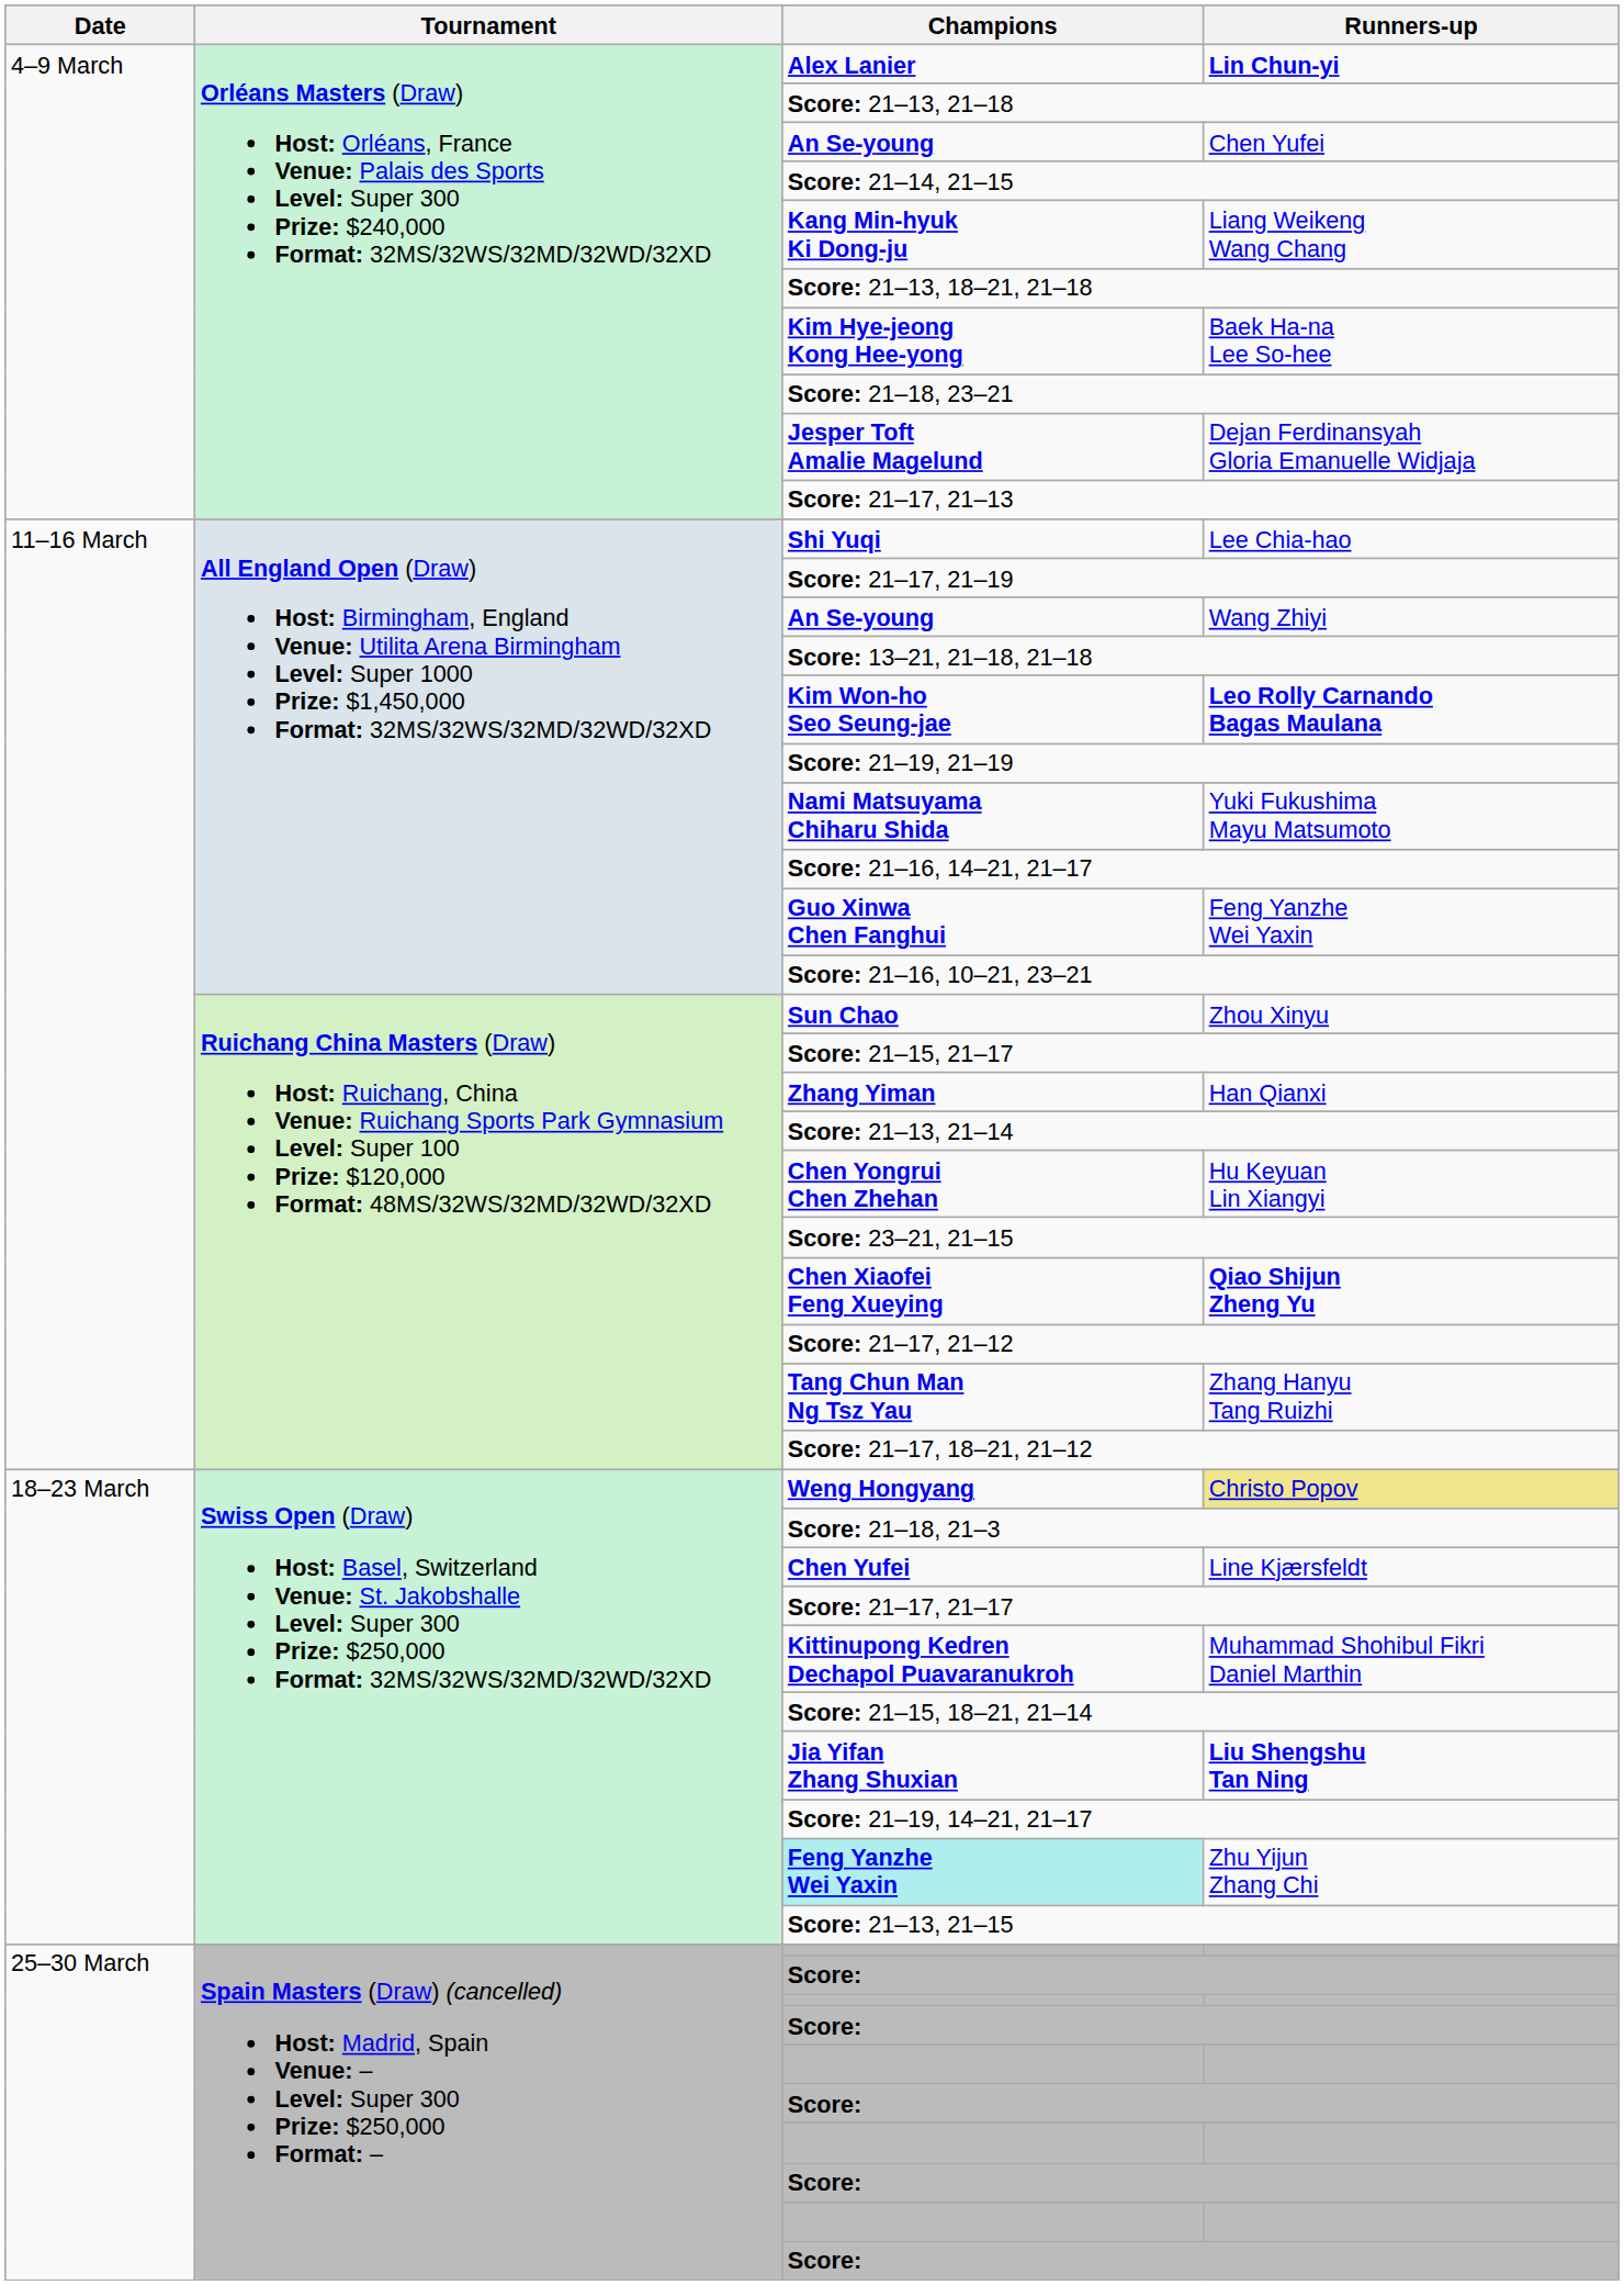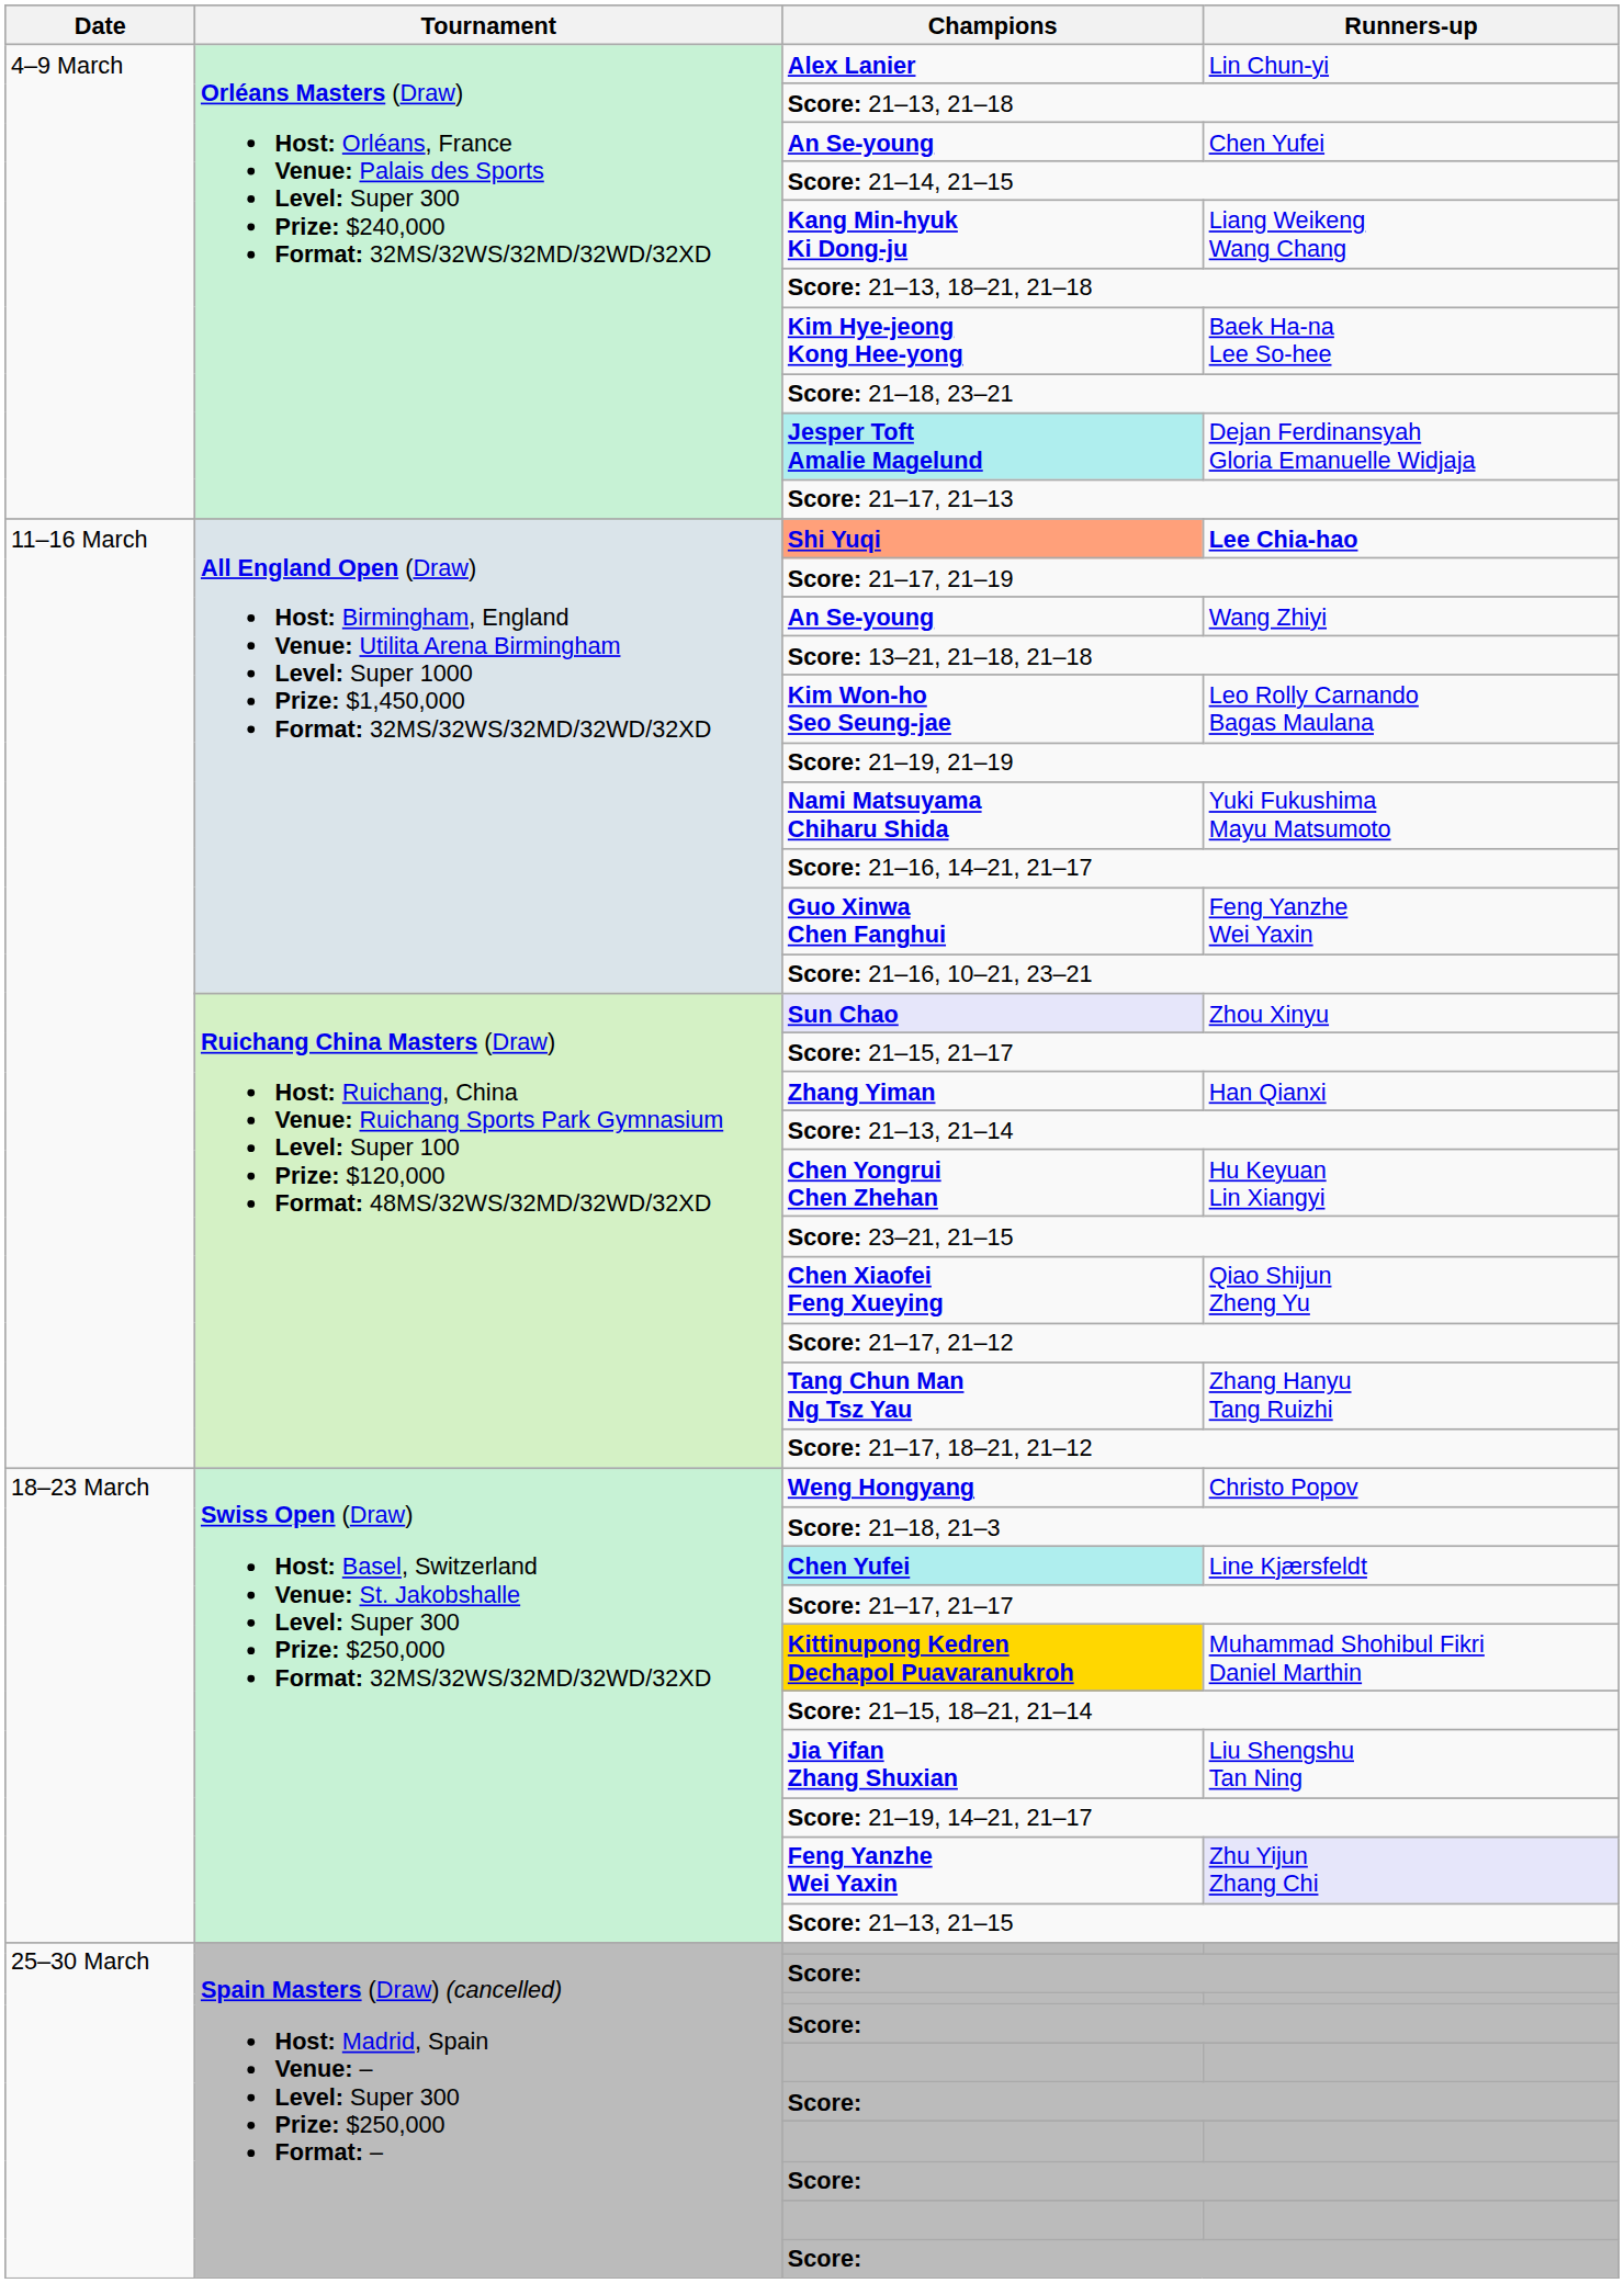 <table class="wikitable" style="font-size:80%">
 <tr>
 <th width="110">Date</th>
 <th width="330">Tournament</th>
 <th width="250">Champions</th>
 <th width="250">Runners-up</th>
 </tr>
 <tr valign="top">
 <td rowspan="10">4–9 March</td>
 <td bgcolor="#C7F2D5" rowspan="10"><br><strong><a href='#'>Orléans Masters</a></strong> (<a href='#'>Draw</a>)<ul><li><strong>Host:</strong> <a href='#'>Orléans</a>, France</li><li><strong>Venue:</strong> <a href='#'>Palais des Sports</a></li><li><strong>Level:</strong> Super 300</li><li><strong>Prize:</strong> $240,000</li><li><strong>Format:</strong> 32MS/32WS/32MD/32WD/32XD</li></ul></td>
 <td><strong> <a href='#'>Alex Lanier</a></strong></td>
-<td><strong> <a href='#'>Lin Chun-yi</a></strong></td>
+<td> <a href='#'>Lin Chun-yi</a></td>
 </tr>
 <tr>
 <td colspan="2"><strong>Score:</strong> 21–13, 21–18</td>
 </tr>
 <tr valign="top">
 <td><strong> <a href='#'>An Se-young</a></strong></td>
 <td> <a href='#'>Chen Yufei</a></td>
 </tr>
 <tr>
 <td colspan="2"><strong>Score:</strong> 21–14, 21–15</td>
 </tr>
 <tr valign="top">
 <td><strong> <a href='#'>Kang Min-hyuk</a><br> <a href='#'>Ki Dong-ju</a></strong></td>
 <td> <a href='#'>Liang Weikeng</a><br> <a href='#'>Wang Chang</a></td>
 </tr>
 <tr>
 <td colspan="2"><strong>Score:</strong> 21–13, 18–21, 21–18</td>
 </tr>
 <tr valign="top">
 <td><strong> <a href='#'>Kim Hye-jeong</a><br> <a href='#'>Kong Hee-yong</a></strong></td>
 <td> <a href='#'>Baek Ha-na</a><br> <a href='#'>Lee So-hee</a></td>
 </tr>
 <tr>
 <td colspan="2"><strong>Score:</strong> 21–18, 23–21</td>
 </tr>
 <tr valign="top">
-<td><strong> <a href='#'>Jesper Toft</a><br> <a href='#'>Amalie Magelund</a></strong></td>
+<td style="background: paleturquoise;"><strong> <a href='#'>Jesper Toft</a><br> <a href='#'>Amalie Magelund</a></strong></td>
 <td> <a href='#'>Dejan Ferdinansyah</a><br> <a href='#'>Gloria Emanuelle Widjaja</a></td>
 </tr>
 <tr>
 <td colspan="2"><strong>Score:</strong> 21–17, 21–13</td>
 </tr>
 <tr valign="top">
 <td rowspan="20">11–16 March</td>
 <td bgcolor="#DAE4EA" rowspan="10"><br><strong><a href='#'>All England Open</a></strong> (<a href='#'>Draw</a>)<ul><li><strong>Host:</strong> <a href='#'>Birmingham</a>, England</li><li><strong>Venue:</strong> <a href='#'>Utilita Arena Birmingham</a></li><li><strong>Level:</strong> Super 1000</li><li><strong>Prize:</strong> $1,450,000</li><li><strong>Format:</strong> 32MS/32WS/32MD/32WD/32XD</li></ul></td>
-<td><strong> <a href='#'>Shi Yuqi</a></strong></td>
-<td> <a href='#'>Lee Chia-hao</a></td>
+<td style="background: lightsalmon;"><strong> <a href='#'>Shi Yuqi</a></strong></td>
+<td><strong> <a href='#'>Lee Chia-hao</a></strong></td>
 </tr>
 <tr>
 <td colspan="2"><strong>Score:</strong> 21–17, 21–19</td>
 </tr>
 <tr valign="top">
 <td><strong> <a href='#'>An Se-young</a></strong></td>
 <td> <a href='#'>Wang Zhiyi</a></td>
 </tr>
 <tr>
 <td colspan="2"><strong>Score:</strong> 13–21, 21–18, 21–18</td>
 </tr>
 <tr valign="top">
 <td><strong> <a href='#'>Kim Won-ho</a><br> <a href='#'>Seo Seung-jae</a></strong></td>
-<td><strong> <a href='#'>Leo Rolly Carnando</a><br> <a href='#'>Bagas Maulana</a></strong></td>
+<td> <a href='#'>Leo Rolly Carnando</a><br> <a href='#'>Bagas Maulana</a></td>
 </tr>
 <tr>
 <td colspan="2"><strong>Score:</strong> 21–19, 21–19</td>
 </tr>
 <tr valign="top">
 <td><strong> <a href='#'>Nami Matsuyama</a><br> <a href='#'>Chiharu Shida</a></strong></td>
 <td> <a href='#'>Yuki Fukushima</a><br> <a href='#'>Mayu Matsumoto</a></td>
 </tr>
 <tr>
 <td colspan="2"><strong>Score:</strong> 21–16, 14–21, 21–17</td>
 </tr>
 <tr valign="top">
 <td><strong> <a href='#'>Guo Xinwa</a><br> <a href='#'>Chen Fanghui</a></strong></td>
 <td> <a href='#'>Feng Yanzhe</a><br> <a href='#'>Wei Yaxin</a></td>
 </tr>
 <tr>
 <td colspan="2"><strong>Score:</strong> 21–16, 10–21, 23–21</td>
 </tr>
 <tr valign="top">
 <td bgcolor="#D4F1C5" rowspan="10"><br><strong><a href='#'>Ruichang China Masters</a></strong> (<a href='#'>Draw</a>)<ul><li><strong>Host:</strong> <a href='#'>Ruichang</a>, China</li><li><strong>Venue:</strong> <a href='#'>Ruichang Sports Park Gymnasium</a></li><li><strong>Level:</strong> Super 100</li><li><strong>Prize:</strong> $120,000</li><li><strong>Format:</strong> 48MS/32WS/32MD/32WD/32XD</li></ul></td>
-<td><strong> <a href='#'>Sun Chao</a></strong></td>
+<td style="background: lavender;"><strong> <a href='#'>Sun Chao</a></strong></td>
 <td> <a href='#'>Zhou Xinyu</a></td>
 </tr>
 <tr>
 <td colspan="2"><strong>Score:</strong> 21–15, 21–17</td>
 </tr>
 <tr valign="top">
 <td><strong> <a href='#'>Zhang Yiman</a></strong></td>
 <td> <a href='#'>Han Qianxi</a></td>
 </tr>
 <tr>
 <td colspan="2"><strong>Score:</strong> 21–13, 21–14</td>
 </tr>
 <tr valign="top">
 <td><strong> <a href='#'>Chen Yongrui</a><br> <a href='#'>Chen Zhehan</a></strong></td>
 <td> <a href='#'>Hu Keyuan</a><br> <a href='#'>Lin Xiangyi</a></td>
 </tr>
 <tr>
 <td colspan="2"><strong>Score:</strong> 23–21, 21–15</td>
 </tr>
 <tr valign="top">
 <td><strong> <a href='#'>Chen Xiaofei</a><br> <a href='#'>Feng Xueying</a></strong></td>
-<td><strong> <a href='#'>Qiao Shijun</a><br> <a href='#'>Zheng Yu</a></strong></td>
+<td> <a href='#'>Qiao Shijun</a><br> <a href='#'>Zheng Yu</a></td>
 </tr>
 <tr>
 <td colspan="2"><strong>Score:</strong> 21–17, 21–12</td>
 </tr>
 <tr valign="top">
 <td><strong> <a href='#'>Tang Chun Man</a><br> <a href='#'>Ng Tsz Yau</a></strong></td>
 <td> <a href='#'>Zhang Hanyu</a><br> <a href='#'>Tang Ruizhi</a></td>
 </tr>
 <tr>
 <td colspan="2"><strong>Score:</strong> 21–17, 18–21, 21–12</td>
 </tr>
 <tr valign="top">
 <td rowspan="10">18–23 March</td>
 <td bgcolor="#C7F2D5" rowspan="10"><br><strong><a href='#'>Swiss Open</a></strong> (<a href='#'>Draw</a>)<ul><li><strong>Host:</strong> <a href='#'>Basel</a>, Switzerland</li><li><strong>Venue:</strong> <a href='#'>St. Jakobshalle</a></li><li><strong>Level:</strong> Super 300</li><li><strong>Prize:</strong> $250,000</li><li><strong>Format:</strong> 32MS/32WS/32MD/32WD/32XD</li></ul></td>
 <td><strong> <a href='#'>Weng Hongyang</a></strong></td>
-<td style="background: khaki;"> <a href='#'>Christo Popov</a></td>
+<td> <a href='#'>Christo Popov</a></td>
 </tr>
 <tr>
 <td colspan="2"><strong>Score:</strong> 21–18, 21–3</td>
 </tr>
 <tr valign="top">
-<td><strong> <a href='#'>Chen Yufei</a></strong></td>
+<td style="background: paleturquoise;"><strong> <a href='#'>Chen Yufei</a></strong></td>
 <td> <a href='#'>Line Kjærsfeldt</a></td>
 </tr>
 <tr>
 <td colspan="2"><strong>Score:</strong> 21–17, 21–17</td>
 </tr>
 <tr valign="top">
-<td><strong> <a href='#'>Kittinupong Kedren</a><br> <a href='#'>Dechapol Puavaranukroh</a></strong></td>
+<td style="background: gold;"><strong> <a href='#'>Kittinupong Kedren</a><br> <a href='#'>Dechapol Puavaranukroh</a></strong></td>
 <td> <a href='#'>Muhammad Shohibul Fikri</a><br> <a href='#'>Daniel Marthin</a></td>
 </tr>
 <tr>
 <td colspan="2"><strong>Score:</strong> 21–15, 18–21, 21–14</td>
 </tr>
 <tr valign="top">
 <td><strong> <a href='#'>Jia Yifan</a><br> <a href='#'>Zhang Shuxian</a></strong></td>
-<td><strong> <a href='#'>Liu Shengshu</a><br> <a href='#'>Tan Ning</a></strong></td>
+<td> <a href='#'>Liu Shengshu</a><br> <a href='#'>Tan Ning</a></td>
 </tr>
 <tr>
 <td colspan="2"><strong>Score:</strong> 21–19, 14–21, 21–17</td>
 </tr>
 <tr valign="top">
-<td style="background: paleturquoise;"><strong> <a href='#'>Feng Yanzhe</a><br> <a href='#'>Wei Yaxin</a></strong></td>
-<td> <a href='#'>Zhu Yijun</a><br> <a href='#'>Zhang Chi</a></td>
+<td><strong> <a href='#'>Feng Yanzhe</a><br> <a href='#'>Wei Yaxin</a></strong></td>
+<td style="background: lavender;"> <a href='#'>Zhu Yijun</a><br> <a href='#'>Zhang Chi</a></td>
 </tr>
 <tr>
 <td colspan="2"><strong>Score:</strong> 21–13, 21–15</td>
 </tr>
 <tr valign="top">
 <td rowspan="10">25–30 March</td>
 <td bgcolor="#BBBBBB" rowspan="10"><br><strong><a href='#'>Spain Masters</a></strong> (<a href='#'>Draw</a>) <em>(cancelled)</em><ul><li><strong>Host:</strong> <a href='#'>Madrid</a>, Spain</li><li><strong>Venue:</strong> –</li><li><strong>Level:</strong> Super 300</li><li><strong>Prize:</strong> $250,000</li><li><strong>Format:</strong> –</li></ul></td>
 <td bgcolor="#BBBBBB"><strong> </strong></td>
 <td bgcolor="#BBBBBB"></td>
 </tr>
 <tr bgcolor="#BBBBBB">
 <td colspan="2"><strong>Score:</strong></td>
 </tr>
 <tr valign="top" bgcolor="#BBBBBB">
 <td><strong> </strong></td>
 <td></td>
 </tr>
 <tr bgcolor="#BBBBBB">
 <td colspan="2"><strong>Score:</strong></td>
 </tr>
 <tr valign="top" bgcolor="#BBBBBB">
 <td><strong> <br> </strong></td>
 <td> <br></td>
 </tr>
 <tr bgcolor="#BBBBBB">
 <td colspan="2"><strong>Score:</strong></td>
 </tr>
 <tr valign="top" bgcolor="#BBBBBB">
 <td><strong> <br> </strong></td>
 <td> <br></td>
 </tr>
 <tr bgcolor="#BBBBBB">
 <td colspan="2"><strong>Score:</strong></td>
 </tr>
 <tr valign="top" bgcolor="#BBBBBB">
 <td><strong> <br> </strong></td>
 <td> <br></td>
 </tr>
 <tr bgcolor="#BBBBBB">
 <td colspan="2"><strong>Score:</strong></td>
 </tr>
 </table>
